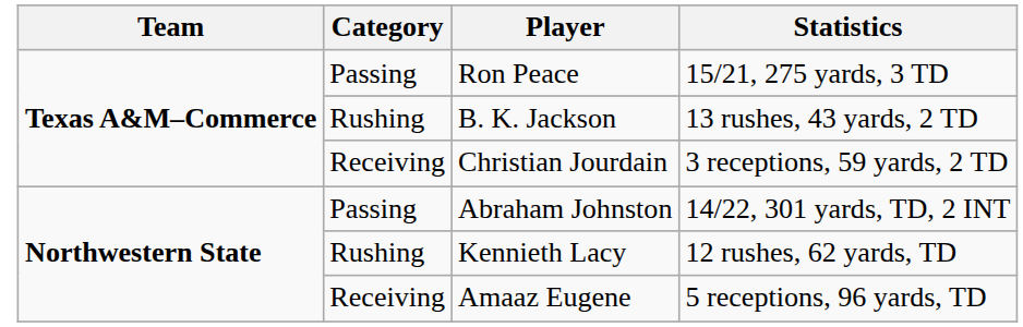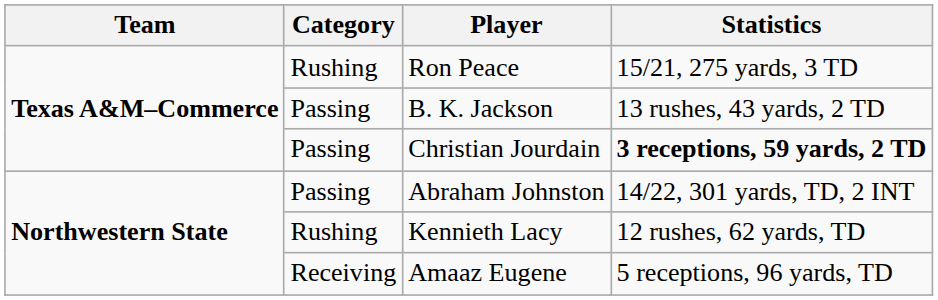 <table class="wikitable" style="float: right;">
 <tr>
 <th>Team</th>
 <th>Category</th>
 <th>Player</th>
 <th>Statistics</th>
 </tr>
 <tr>
 <td rowspan=3><strong>Texas A&M–Commerce</strong></td>
-<td>Passing</td>
+<td>Rushing</td>
 <td>Ron Peace</td>
 <td>15/21, 275 yards, 3 TD</td>
 </tr>
 <tr>
-<td>Rushing</td>
+<td>Passing</td>
 <td>B. K. Jackson</td>
 <td>13 rushes, 43 yards, 2 TD</td>
 </tr>
 <tr>
-<td>Receiving</td>
+<td>Passing</td>
 <td>Christian Jourdain</td>
-<td>3 receptions, 59 yards, 2 TD</td>
+<td><strong>3 receptions, 59 yards, 2 TD</strong></td>
 </tr>
 <tr>
 <td rowspan=3><strong>Northwestern State</strong></td>
 <td>Passing</td>
 <td>Abraham Johnston</td>
 <td>14/22, 301 yards, TD, 2 INT</td>
 </tr>
 <tr>
 <td>Rushing</td>
 <td>Kennieth Lacy</td>
 <td>12 rushes, 62 yards, TD</td>
 </tr>
 <tr>
 <td>Receiving</td>
 <td>Amaaz Eugene</td>
 <td>5 receptions, 96 yards, TD</td>
 </tr>
 </table>
